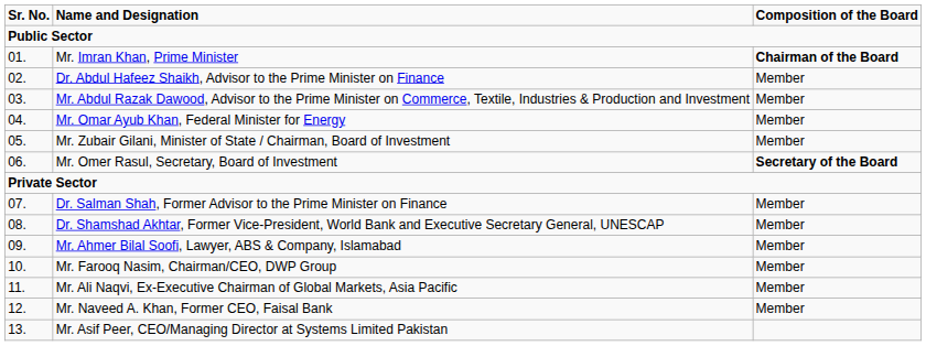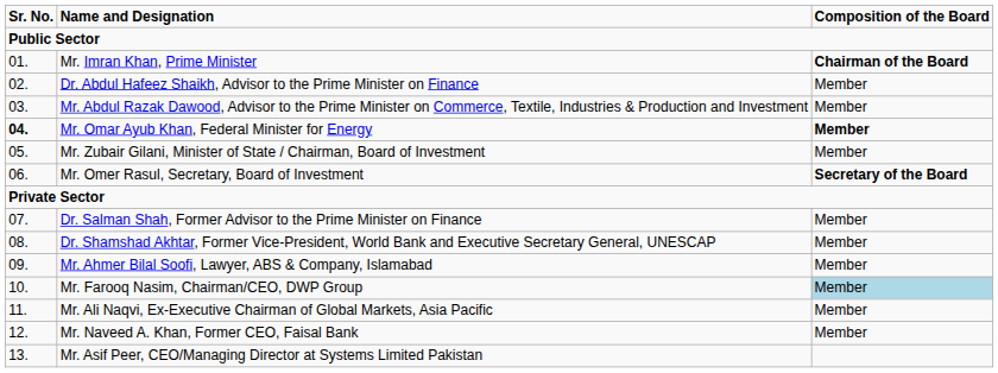 <table class="wikitable">
 <tr>
 <td><strong>Sr. No.</strong></td>
 <td><strong>Name and Designation</strong></td>
 <td><strong>Composition of the Board</strong></td>
 </tr>
 <tr>
 <td colspan="3"><strong>Public Sector</strong></td>
 </tr>
 <tr>
 <td>01.</td>
 <td>Mr. <a href='#'>Imran Khan</a>, <a href='#'>Prime Minister</a></td>
 <td><strong>Chairman of the Board</strong></td>
 </tr>
 <tr>
 <td>02.</td>
 <td><a href='#'>Dr. Abdul Hafeez Shaikh</a>, Advisor to the Prime Minister on <a href='#'>Finance</a></td>
 <td>Member</td>
 </tr>
 <tr>
 <td>03.</td>
 <td><a href='#'>Mr. Abdul Razak Dawood</a>, Advisor to the Prime Minister on <a href='#'>Commerce</a>, Textile, Industries  & Production and Investment</td>
 <td>Member</td>
 </tr>
 <tr>
-<td>04.</td>
+<td><strong>04.</strong></td>
 <td><a href='#'>Mr. Omar Ayub Khan</a>, Federal Minister for <a href='#'>Energy</a></td>
-<td>Member</td>
+<td><strong>Member</strong></td>
 </tr>
 <tr>
 <td>05.</td>
 <td>Mr.  Zubair Gilani, Minister of State / Chairman, Board of Investment</td>
 <td>Member</td>
 </tr>
 <tr>
 <td>06.</td>
 <td>Mr. Omer  Rasul, Secretary, Board of Investment</td>
 <td><strong>Secretary of the Board</strong></td>
 </tr>
 <tr>
 <td colspan="3"><strong>Private  Sector</strong></td>
 </tr>
 <tr>
 <td>07.</td>
 <td><a href='#'>Dr. Salman Shah</a>, Former Advisor to the Prime Minister on Finance</td>
 <td>Member</td>
 </tr>
 <tr>
 <td>08.</td>
 <td><a href='#'>Dr. Shamshad Akhtar</a>, Former Vice-President, World Bank and Executive Secretary  General, UNESCAP</td>
 <td>Member</td>
 </tr>
 <tr>
 <td>09.</td>
 <td><a href='#'>Mr. Ahmer Bilal Soofi</a>, Lawyer, ABS & Company, Islamabad</td>
 <td>Member</td>
 </tr>
 <tr>
 <td>10.</td>
 <td>Mr.  Farooq Nasim, Chairman/CEO, DWP Group</td>
-<td>Member</td>
+<td style="background: lightblue;">Member</td>
 </tr>
 <tr>
 <td>11.</td>
 <td>Mr. Ali  Naqvi, Ex-Executive Chairman of Global Markets, Asia Pacific</td>
 <td>Member</td>
 </tr>
 <tr>
 <td>12.</td>
 <td>Mr.  Naveed A. Khan, Former CEO, Faisal Bank</td>
 <td>Member</td>
 </tr>
 <tr>
 <td>13.</td>
 <td>Mr. Asif  Peer, CEO/Managing Director at Systems Limited Pakistan</td>
 <td></td>
 </tr>
 </table>
